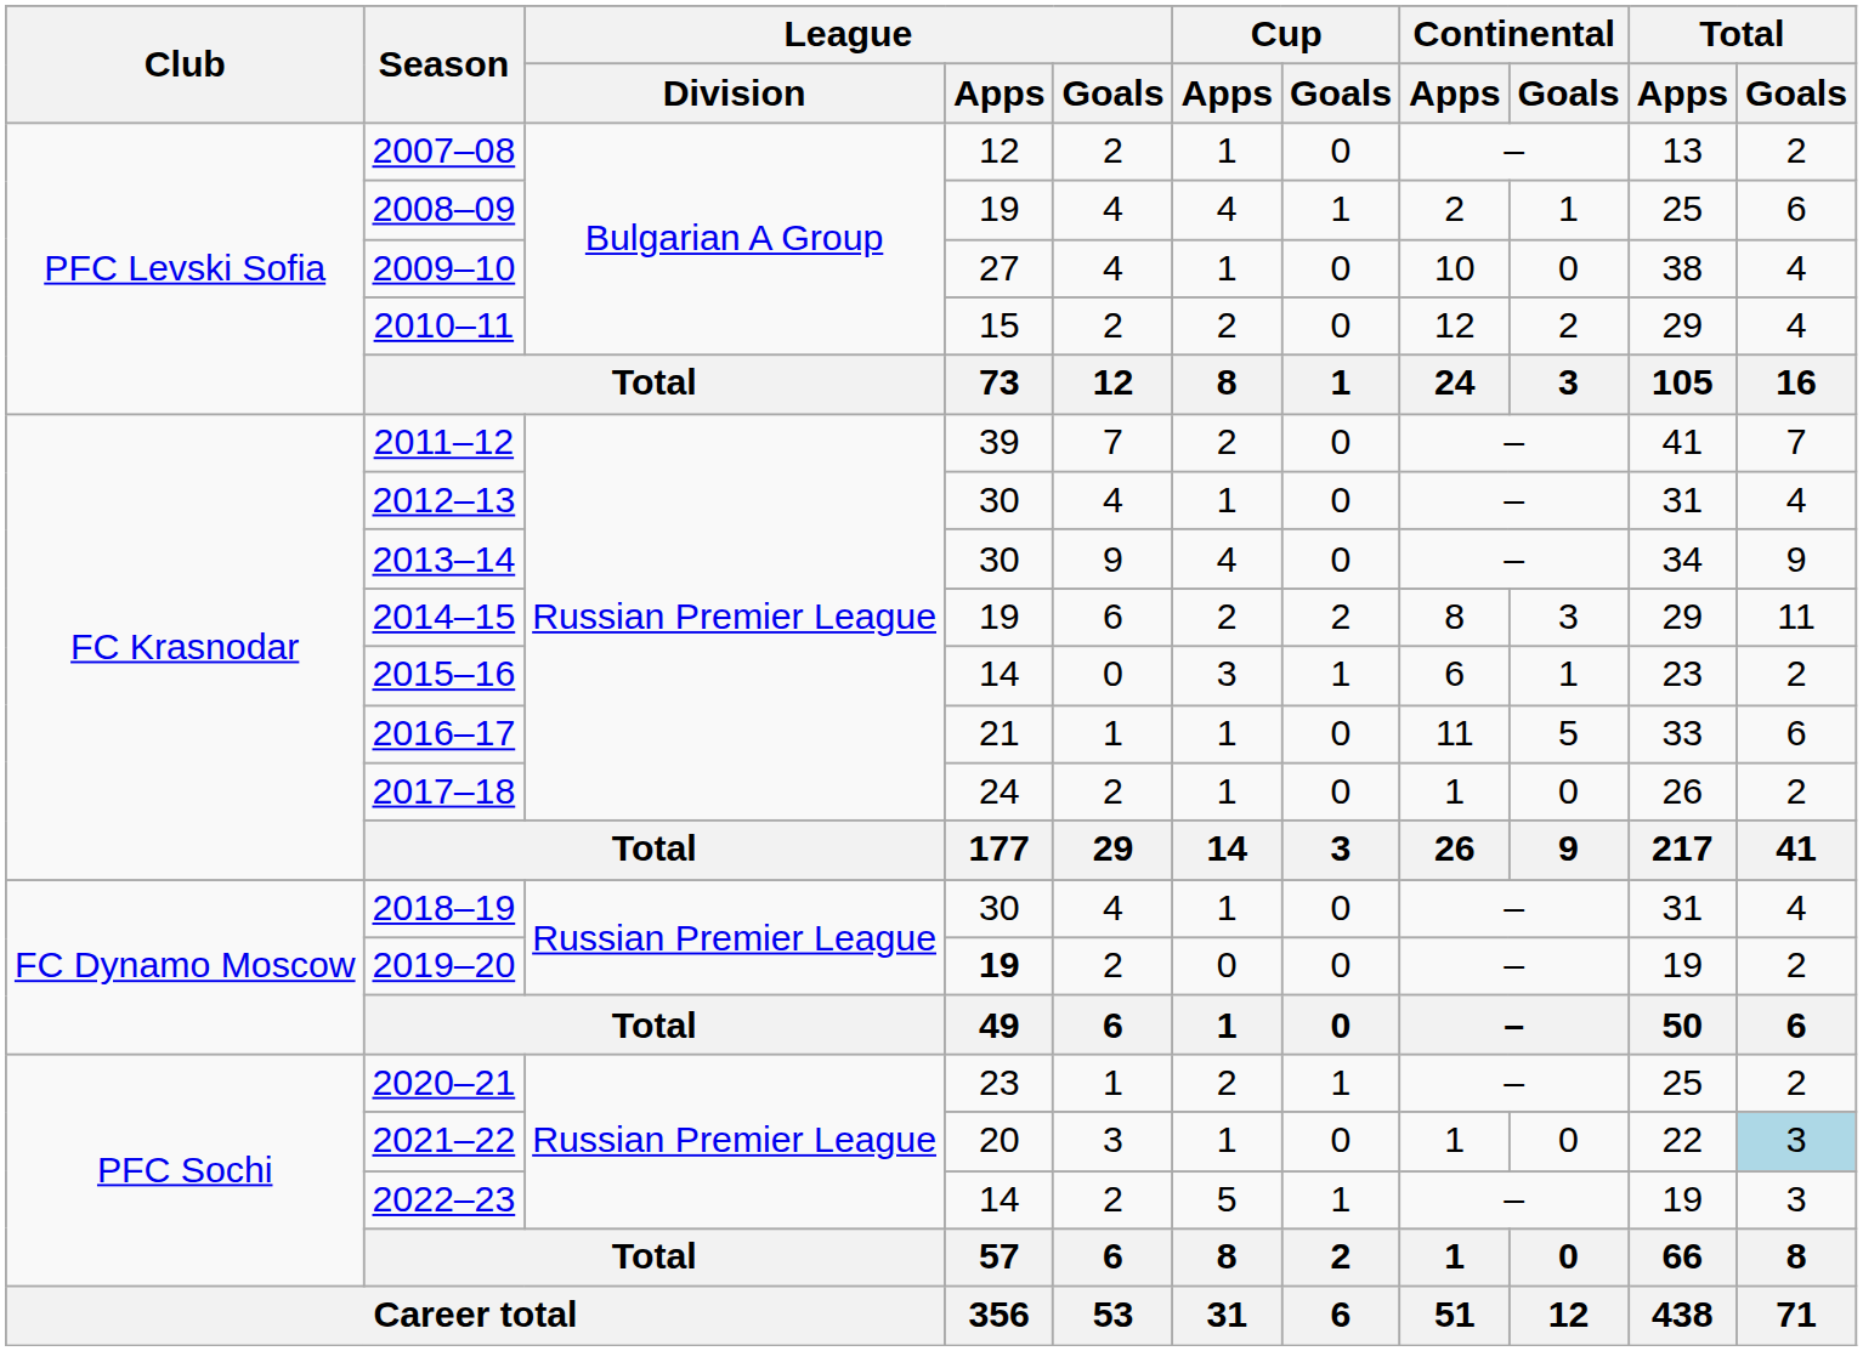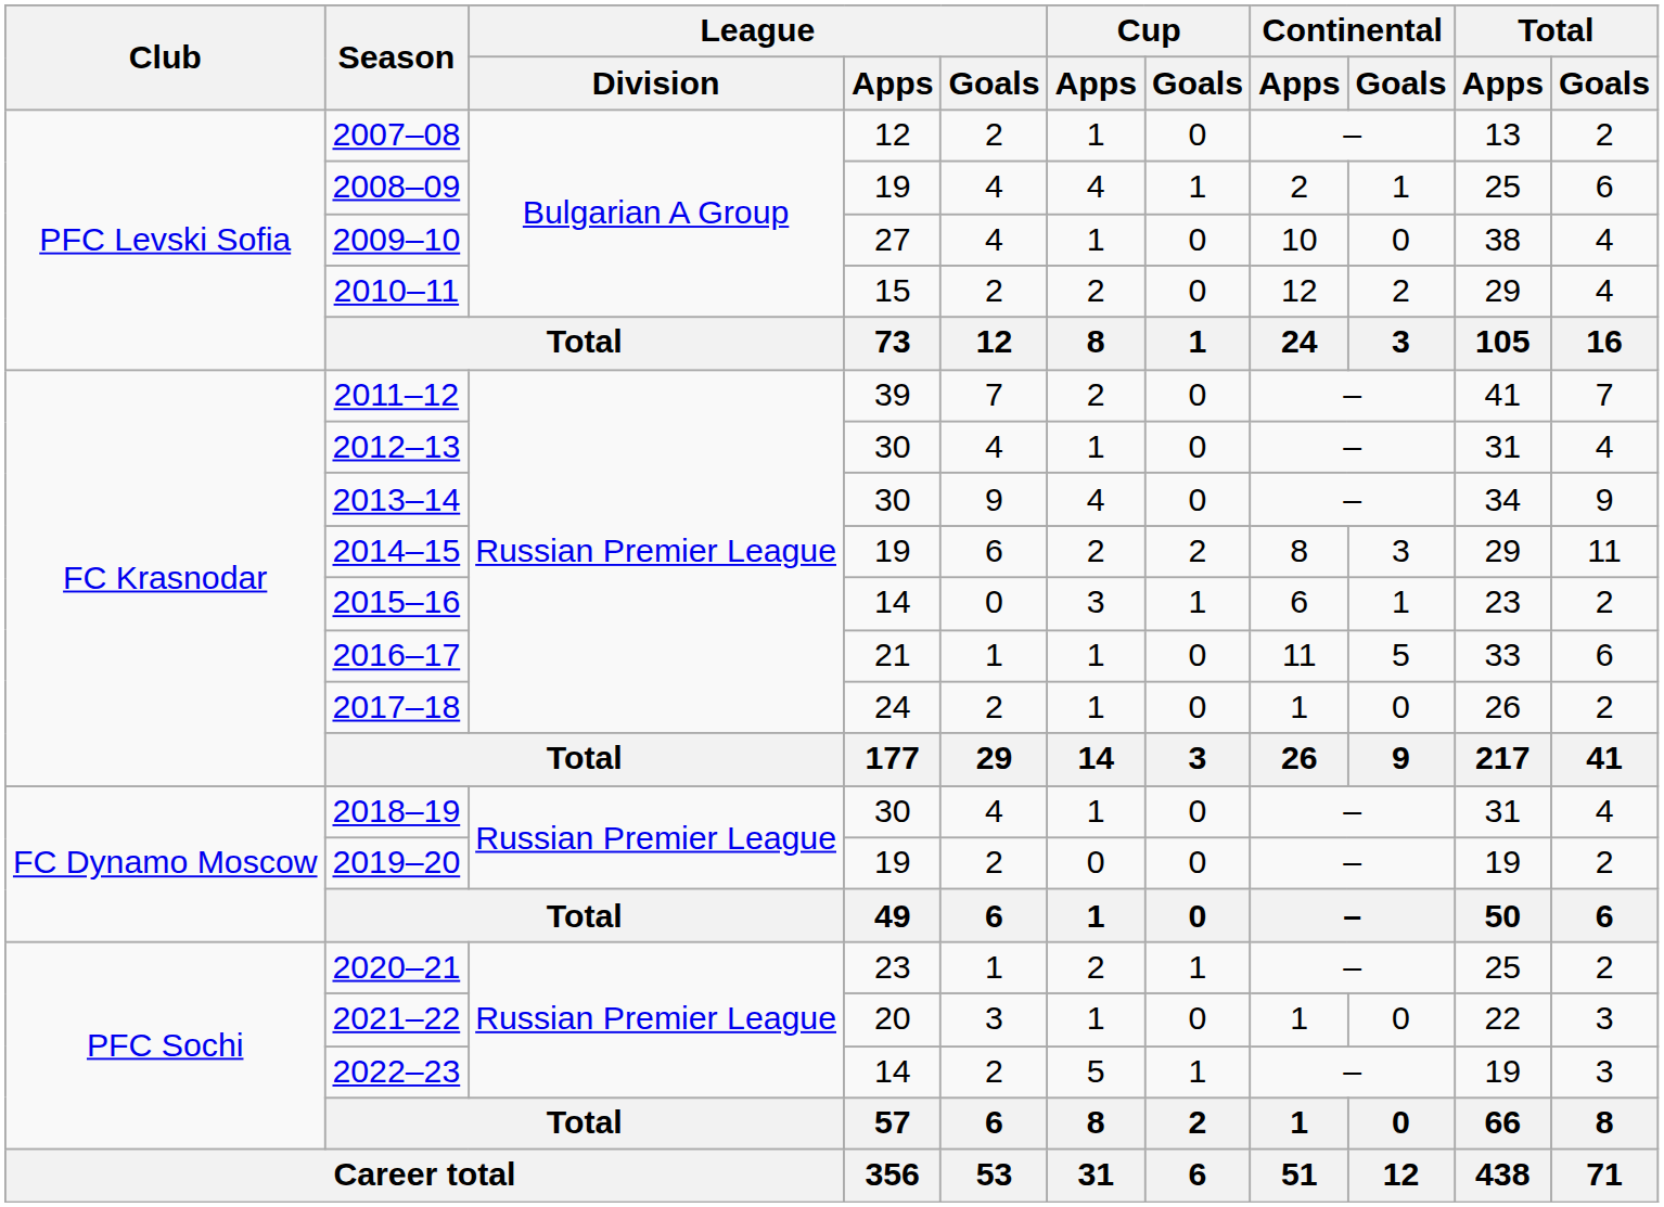 <table class="wikitable" style="text-align: center;">
 <tr>
 <th rowspan=2>Club</th>
 <th rowspan=2>Season</th>
 <th colspan=3>League</th>
 <th colspan=2>Cup</th>
 <th colspan=2>Continental</th>
 <th colspan=2>Total</th>
 </tr>
 <tr>
 <th>Division</th>
 <th>Apps</th>
 <th>Goals</th>
 <th>Apps</th>
 <th>Goals</th>
 <th>Apps</th>
 <th>Goals</th>
 <th>Apps</th>
 <th>Goals</th>
 </tr>
 <tr>
 <td rowspan=5><a href='#'>PFC Levski Sofia</a></td>
 <td><a href='#'>2007–08</a></td>
 <td rowspan=4><a href='#'>Bulgarian A Group</a></td>
 <td>12</td>
 <td>2</td>
 <td>1</td>
 <td>0</td>
 <td colspan=2>–</td>
 <td>13</td>
 <td>2</td>
 </tr>
 <tr>
 <td><a href='#'>2008–09</a></td>
 <td>19</td>
 <td>4</td>
 <td>4</td>
 <td>1</td>
 <td>2</td>
 <td>1</td>
 <td>25</td>
 <td>6</td>
 </tr>
 <tr>
 <td><a href='#'>2009–10</a></td>
 <td>27</td>
 <td>4</td>
 <td>1</td>
 <td>0</td>
 <td>10</td>
 <td>0</td>
 <td>38</td>
 <td>4</td>
 </tr>
 <tr>
 <td><a href='#'>2010–11</a></td>
 <td>15</td>
 <td>2</td>
 <td>2</td>
 <td>0</td>
 <td>12</td>
 <td>2</td>
 <td>29</td>
 <td>4</td>
 </tr>
 <tr>
 <th colspan=2>Total</th>
 <th>73</th>
 <th>12</th>
 <th>8</th>
 <th>1</th>
 <th>24</th>
 <th>3</th>
 <th>105</th>
 <th>16</th>
 </tr>
 <tr>
 <td rowspan=8><a href='#'>FC Krasnodar</a></td>
 <td><a href='#'>2011–12</a></td>
 <td rowspan=7><a href='#'>Russian Premier League</a></td>
 <td>39</td>
 <td>7</td>
 <td>2</td>
 <td>0</td>
 <td colspan=2>–</td>
 <td>41</td>
 <td>7</td>
 </tr>
 <tr>
 <td><a href='#'>2012–13</a></td>
 <td>30</td>
 <td>4</td>
 <td>1</td>
 <td>0</td>
 <td colspan=2>–</td>
 <td>31</td>
 <td>4</td>
 </tr>
 <tr>
 <td><a href='#'>2013–14</a></td>
 <td>30</td>
 <td>9</td>
 <td>4</td>
 <td>0</td>
 <td colspan=2>–</td>
 <td>34</td>
 <td>9</td>
 </tr>
 <tr>
 <td><a href='#'>2014–15</a></td>
 <td>19</td>
 <td>6</td>
 <td>2</td>
 <td>2</td>
 <td>8</td>
 <td>3</td>
 <td>29</td>
 <td>11</td>
 </tr>
 <tr>
 <td><a href='#'>2015–16</a></td>
 <td>14</td>
 <td>0</td>
 <td>3</td>
 <td>1</td>
 <td>6</td>
 <td>1</td>
 <td>23</td>
 <td>2</td>
 </tr>
 <tr>
 <td><a href='#'>2016–17</a></td>
 <td>21</td>
 <td>1</td>
 <td>1</td>
 <td>0</td>
 <td>11</td>
 <td>5</td>
 <td>33</td>
 <td>6</td>
 </tr>
 <tr>
 <td><a href='#'>2017–18</a></td>
 <td>24</td>
 <td>2</td>
 <td>1</td>
 <td>0</td>
 <td>1</td>
 <td>0</td>
 <td>26</td>
 <td>2</td>
 </tr>
 <tr>
 <th colspan=2>Total</th>
 <th>177</th>
 <th>29</th>
 <th>14</th>
 <th>3</th>
 <th>26</th>
 <th>9</th>
 <th>217</th>
 <th>41</th>
 </tr>
 <tr>
 <td rowspan=3><a href='#'>FC Dynamo Moscow</a></td>
 <td><a href='#'>2018–19</a></td>
 <td rowspan=2><a href='#'>Russian Premier League</a></td>
 <td>30</td>
 <td>4</td>
 <td>1</td>
 <td>0</td>
 <td colspan=2>–</td>
 <td>31</td>
 <td>4</td>
 </tr>
 <tr>
 <td><a href='#'>2019–20</a></td>
-<td><strong>19</strong></td>
+<td>19</td>
 <td>2</td>
 <td>0</td>
 <td>0</td>
 <td colspan=2>–</td>
 <td>19</td>
 <td>2</td>
 </tr>
 <tr>
 <th colspan=2>Total</th>
 <th>49</th>
 <th>6</th>
 <th>1</th>
 <th>0</th>
 <th colspan=2>–</th>
 <th>50</th>
 <th>6</th>
 </tr>
 <tr>
 <td rowspan="4"><a href='#'>PFC Sochi</a></td>
 <td><a href='#'>2020–21</a></td>
 <td rowspan=3><a href='#'>Russian Premier League</a></td>
 <td>23</td>
 <td>1</td>
 <td>2</td>
 <td>1</td>
 <td colspan=2>–</td>
 <td>25</td>
 <td>2</td>
 </tr>
 <tr>
 <td><a href='#'>2021–22</a></td>
 <td>20</td>
 <td>3</td>
 <td>1</td>
 <td>0</td>
 <td>1</td>
 <td>0</td>
 <td>22</td>
-<td style="background: lightblue;">3</td>
+<td>3</td>
 </tr>
 <tr>
 <td><a href='#'>2022–23</a></td>
 <td>14</td>
 <td>2</td>
 <td>5</td>
 <td>1</td>
 <td colspan=2>–</td>
 <td>19</td>
 <td>3</td>
 </tr>
 <tr>
 <th colspan=2>Total</th>
 <th>57</th>
 <th>6</th>
 <th>8</th>
 <th>2</th>
 <th>1</th>
 <th>0</th>
 <th>66</th>
 <th>8</th>
 </tr>
 <tr>
 <th colspan=3>Career total</th>
 <th>356</th>
 <th>53</th>
 <th>31</th>
 <th>6</th>
 <th>51</th>
 <th>12</th>
 <th>438</th>
 <th>71</th>
 </tr>
 <tr>
 </tr>
 </table>
